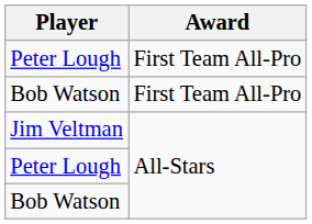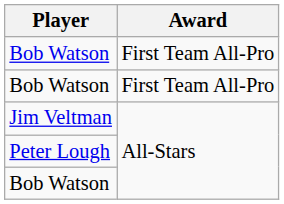 <table class="wikitable">
 <tr>
 <th>Player</th>
 <th>Award</th>
 </tr>
 <tr>
-<td><a href='#'>Peter Lough</a></td>
+<td><a href='#'>Bob Watson</a></td>
 <td>First Team All-Pro</td>
 </tr>
 <tr>
 <td>Bob Watson</td>
 <td>First Team All-Pro</td>
 </tr>
 <tr>
 <td><a href='#'>Jim Veltman</a></td>
 <td rowspan=3>All-Stars</td>
 </tr>
 <tr>
 <td><a href='#'>Peter Lough</a></td>
 </tr>
 <tr>
 <td>Bob Watson</td>
 </tr>
 </table>
